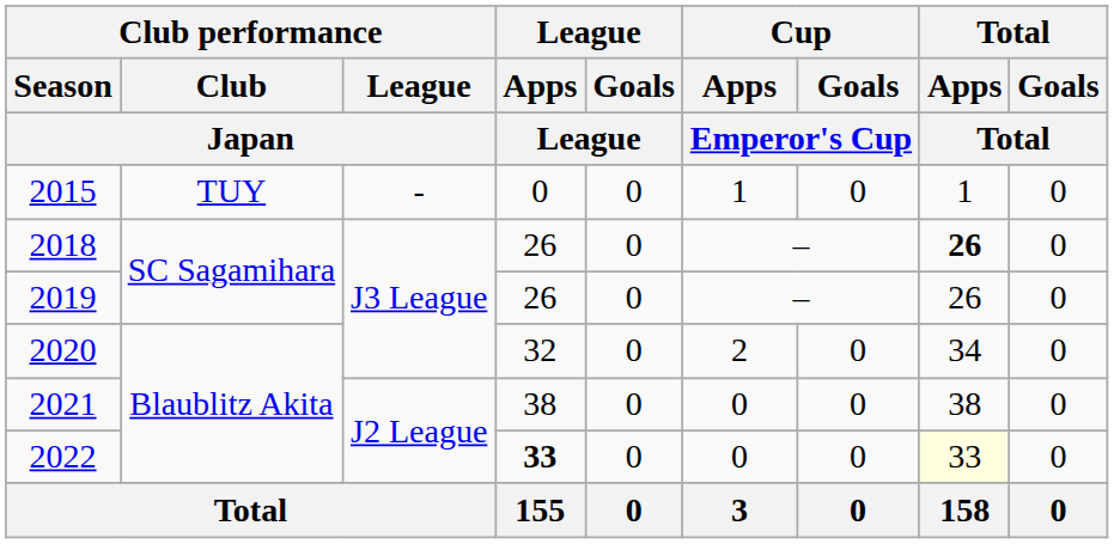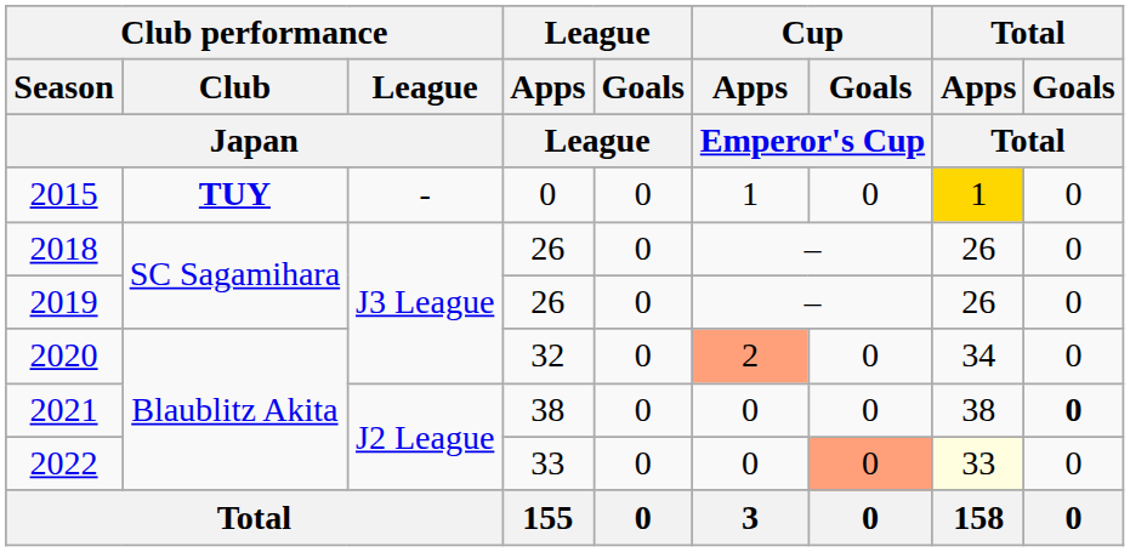 <table class="wikitable" style="text-align:center;">
 <tr>
 <th colspan=3>Club performance</th>
 <th colspan=2>League</th>
 <th colspan=2>Cup</th>
 <th colspan=2>Total</th>
 </tr>
 <tr>
 <th>Season</th>
 <th>Club</th>
 <th>League</th>
 <th>Apps</th>
 <th>Goals</th>
 <th>Apps</th>
 <th>Goals</th>
 <th>Apps</th>
 <th>Goals</th>
 </tr>
 <tr>
 <th colspan=3>Japan</th>
 <th colspan=2>League</th>
 <th colspan=2><a href='#'>Emperor's Cup</a></th>
 <th colspan=2>Total</th>
 </tr>
 <tr>
 <td><a href='#'>2015</a></td>
-<td><a href='#'>TUY</a></td>
+<td><strong><a href='#'>TUY</a></strong></td>
 <td>-</td>
 <td>0</td>
 <td>0</td>
 <td>1</td>
 <td>0</td>
-<td>1</td>
+<td style="background: gold;">1</td>
 <td>0</td>
 </tr>
 <tr>
 <td><a href='#'>2018</a></td>
 <td rowspan="2"><a href='#'>SC Sagamihara</a></td>
 <td rowspan="3"><a href='#'>J3 League</a></td>
 <td>26</td>
 <td>0</td>
 <td colspan="2">–</td>
-<td><strong>26</strong></td>
+<td>26</td>
 <td>0</td>
 </tr>
 <tr>
 <td><a href='#'>2019</a></td>
 <td>26</td>
 <td>0</td>
 <td colspan="2">–</td>
 <td>26</td>
 <td>0</td>
 </tr>
 <tr>
 <td><a href='#'>2020</a></td>
 <td rowspan="3"><a href='#'>Blaublitz Akita</a></td>
 <td>32</td>
 <td>0</td>
-<td>2</td>
+<td style="background: lightsalmon;">2</td>
 <td>0</td>
 <td>34</td>
 <td>0</td>
 </tr>
 <tr>
 <td><a href='#'>2021</a></td>
 <td rowspan="2"><a href='#'>J2 League</a></td>
 <td>38</td>
 <td>0</td>
 <td>0</td>
 <td>0</td>
 <td>38</td>
-<td>0</td>
+<td><strong>0</strong></td>
 </tr>
 <tr>
 <td><a href='#'>2022</a></td>
-<td><strong>33</strong></td>
+<td>33</td>
 <td>0</td>
 <td>0</td>
-<td>0</td>
+<td style="background: lightsalmon;">0</td>
 <td style="background: lightyellow;">33</td>
 <td>0</td>
 </tr>
 <tr>
 <th colspan=3>Total</th>
 <th>155</th>
 <th>0</th>
 <th>3</th>
 <th>0</th>
 <th>158</th>
 <th>0</th>
 </tr>
 </table>
